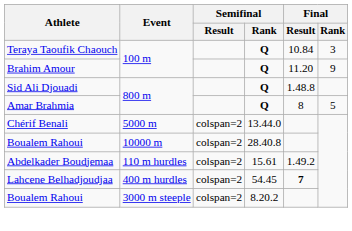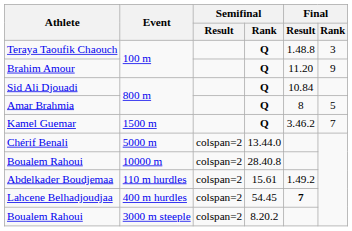 <table class="wikitable" style="font-size:90%">
 <tr>
 <th rowspan="2">Athlete</th>
 <th rowspan="2">Event</th>
 <th colspan="2">Semifinal</th>
 <th colspan="2">Final</th>
 </tr>
 <tr style="font-size:95%">
 <th>Result</th>
 <th>Rank</th>
 <th>Result</th>
 <th>Rank</th>
 </tr>
 <tr align=center>
 <td align=left><a href='#'>Teraya Taoufik Chaouch</a></td>
 <td align=left rowspan=2><a href='#'>100 m</a></td>
 <td></td>
 <td><strong>Q</strong></td>
-<td>10.84</td>
+<td>1.48.8</td>
 <td>3</td>
 </tr>
 <tr align=center>
 <td align=left><a href='#'>Brahim Amour</a></td>
 <td></td>
 <td><strong>Q</strong></td>
 <td>11.20</td>
 <td>9</td>
 </tr>
 <tr align=center>
 <td align=left><a href='#'>Sid Ali Djouadi</a></td>
 <td align=left rowspan=2><a href='#'>800 m</a></td>
 <td></td>
 <td><strong>Q</strong></td>
-<td>1.48.8</td>
+<td>10.84</td>
 <td></td>
 </tr>
 <tr align=center>
 <td align=left><a href='#'>Amar Brahmia</a></td>
 <td></td>
 <td><strong>Q</strong></td>
 <td>8</td>
 <td>5</td>
+</tr>
+<tr align=center>
+<td align=left><a href='#'>Kamel Guemar</a></td>
+<td align=left><a href='#'>1500 m</a></td>
+<td></td>
+<td><strong>Q</strong></td>
+<td>3.46.2</td>
+<td>7</td>
 </tr>
 <tr align=center>
 <td align=left><a href='#'>Chérif Benali</a></td>
 <td align=left><a href='#'>5000 m</a></td>
 <td>colspan=2 </td>
 <td>13.44.0</td>
 <td></td>
 </tr>
 <tr align=center>
 <td align=left><a href='#'>Boualem Rahoui</a></td>
 <td align=left><a href='#'>10000 m</a></td>
 <td>colspan=2 </td>
 <td>28.40.8</td>
 <td></td>
 </tr>
 <tr align=center>
 <td align=left><a href='#'>Abdelkader Boudjemaa</a></td>
 <td align=left><a href='#'>110 m hurdles</a></td>
 <td>colspan=2 </td>
 <td>15.61</td>
 <td>1.49.2</td>
 </tr>
 <tr align=center>
 <td align=left><a href='#'>Lahcene Belhadjoudjaa</a></td>
 <td align=left><a href='#'>400 m hurdles</a></td>
 <td>colspan=2 </td>
 <td>54.45</td>
 <td><strong>7</strong></td>
 </tr>
 <tr align=center>
 <td align=left><a href='#'>Boualem Rahoui</a></td>
 <td align=left><a href='#'>3000 m steeple</a></td>
 <td>colspan=2 </td>
 <td>8.20.2</td>
 <td></td>
 </tr>
 </table>
